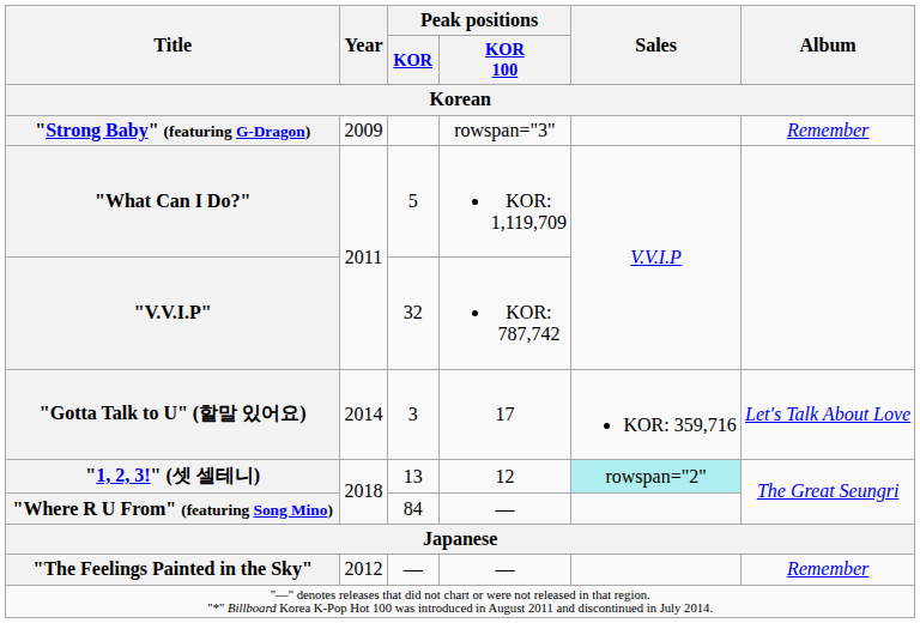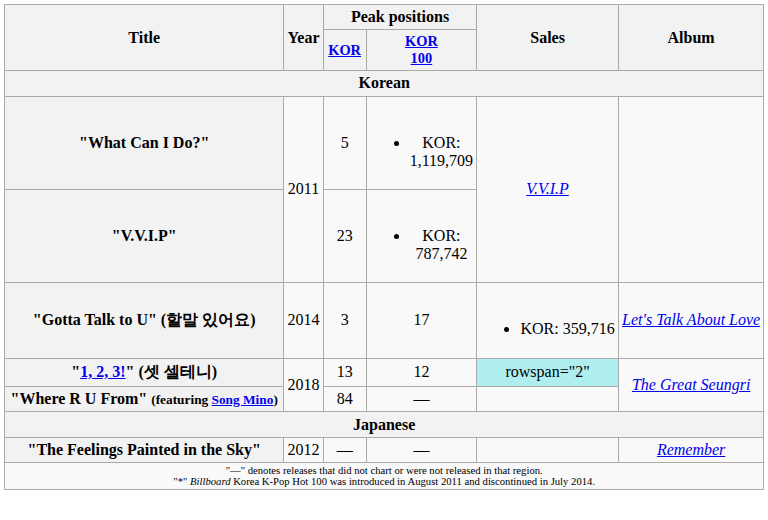 <table class="wikitable plainrowheaders" style="text-align:center;">
 <tr>
 <th scope="col" rowspan="2" style="width:17em;">Title</th>
 <th scope="col" rowspan="2">Year</th>
 <th scope="col" colspan="2">Peak positions</th>
 <th scope="col" rowspan="2">Sales</th>
 <th scope="col" rowspan="2">Album</th>
 </tr>
 <tr>
 <th style="width:2.5em;font-size:90%"><a href='#'>KOR</a><br></th>
 <th style="width:2.5em;font-size:90%"><a href='#'>KOR<br>100</a><br></th>
 </tr>
 <tr>
 <th colspan="6">Korean</th>
 </tr>
 <tr>
-<th scope="row">"<a href='#'>Strong Baby</a>" <small>(featuring <a href='#'>G-Dragon</a>)</small></th>
-<td>2009</td>
-<td></td>
-<td>rowspan="3" </td>
-<td></td>
-<td><em><a href='#'>Remember</a></em></td>
-</tr>
-<tr>
 <th scope="row">"What Can I Do?"</th>
 <td rowspan="2">2011</td>
 <td>5</td>
 <td><br><ul><li>KOR: 1,119,709</li></ul></td>
 <td rowspan="2"><em><a href='#'>V.V.I.P</a></em></td>
 </tr>
 <tr>
 <th scope="row">"V.V.I.P"</th>
-<td>32</td>
+<td>23</td>
 <td><br><ul><li>KOR: 787,742</li></ul></td>
 </tr>
 <tr>
 <th scope="row">"Gotta Talk to U" (할말 있어요)</th>
 <td>2014</td>
 <td>3</td>
 <td>17</td>
 <td><br><ul><li>KOR: 359,716</li></ul></td>
 <td><em><a href='#'>Let's Talk About Love</a></em></td>
 </tr>
 <tr>
 <th scope="row">"<a href='#'>1, 2, 3!</a>" (셋 셀테니)</th>
 <td rowspan="2">2018</td>
 <td>13</td>
 <td>12</td>
 <td style="background: paleturquoise;">rowspan="2" </td>
 <td rowspan="2"><em><a href='#'>The Great Seungri</a></em></td>
 </tr>
 <tr>
 <th scope="row">"Where R U From" <small>(featuring <a href='#'>Song Mino</a>)</small></th>
 <td>84</td>
 <td>—</td>
 </tr>
 <tr>
 <th colspan="6">Japanese</th>
 </tr>
 <tr>
 <th scope="row">"The Feelings Painted in the Sky"</th>
 <td>2012</td>
 <td>—</td>
 <td>—</td>
 <td></td>
 <td><em><a href='#'>Remember</a></em></td>
 </tr>
 <tr>
 <td colspan="6" style="font-size:8pt;">"—" denotes releases that did not chart or were not released in that region.<br> "*" <em>Billboard</em> Korea K-Pop Hot 100 was introduced in August 2011 and discontinued in July 2014.<br></td>
 </tr>
 </table>
